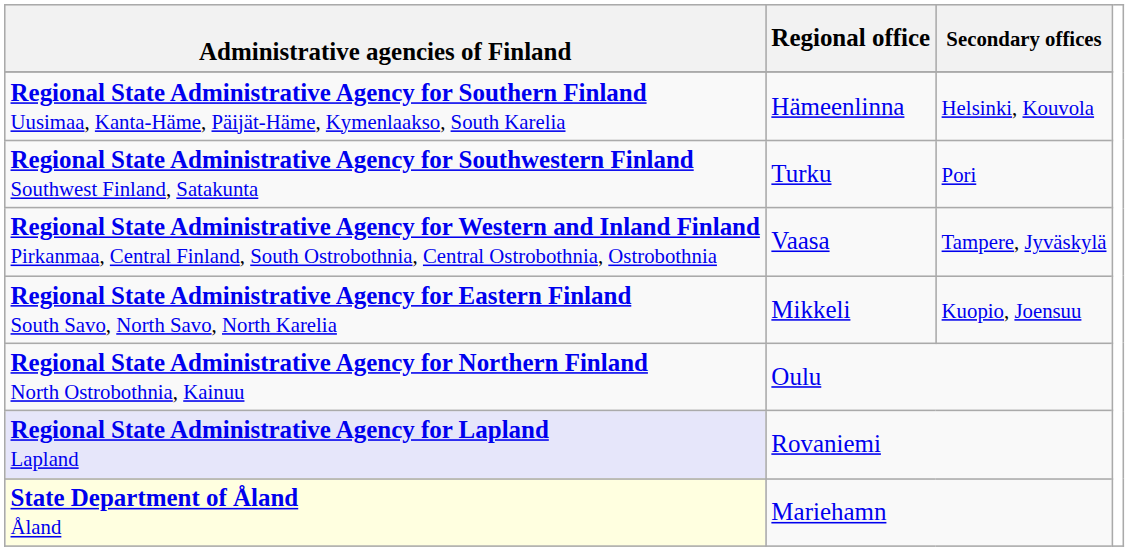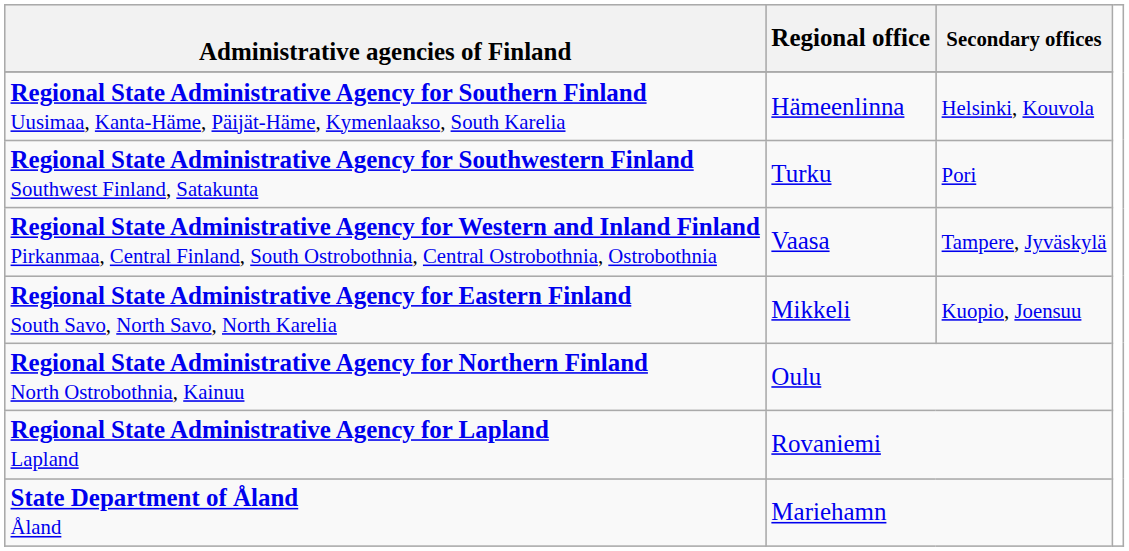 <table class="wikitable" border="1">
 <tr>
 <th><br>Administrative agencies of Finland<br></th>
 <th>Regional office</th>
 <th><small>Secondary offices</small></th>
 <th rowspan="9" style="background-color:white"></th>
 </tr>
 <tr>
 </tr>
 <tr>
 <td><strong><a href='#'>Regional State Administrative Agency for Southern Finland</a></strong><br><small><a href='#'>Uusimaa</a>, <a href='#'>Kanta-Häme</a>, <a href='#'>Päijät-Häme</a>, <a href='#'>Kymenlaakso</a>, <a href='#'>South Karelia</a></small></td>
 <td><a href='#'>Hämeenlinna</a></td>
 <td><small><a href='#'>Helsinki</a>, <a href='#'>Kouvola</a></small></td>
 </tr>
 <tr>
 <td><strong><a href='#'>Regional State Administrative Agency for Southwestern Finland</a></strong><br><small><a href='#'>Southwest Finland</a>, <a href='#'>Satakunta</a></small></td>
 <td><a href='#'>Turku</a></td>
 <td><small><a href='#'>Pori</a> </small></td>
 </tr>
 <tr>
 <td><strong><a href='#'>Regional State Administrative Agency for Western and Inland Finland</a></strong><br><small><a href='#'>Pirkanmaa</a>, <a href='#'>Central Finland</a>, <a href='#'>South Ostrobothnia</a>,  <a href='#'>Central Ostrobothnia</a>, <a href='#'>Ostrobothnia</a></small></td>
 <td><a href='#'>Vaasa</a></td>
 <td><small><a href='#'>Tampere</a>, <a href='#'>Jyväskylä</a></small></td>
 </tr>
 <tr>
 <td><strong><a href='#'>Regional State Administrative Agency for Eastern Finland</a></strong><br><small><a href='#'>South Savo</a>, <a href='#'>North Savo</a>, <a href='#'>North Karelia</a></small></td>
 <td><a href='#'>Mikkeli</a></td>
 <td><small><a href='#'>Kuopio</a>, <a href='#'>Joensuu</a></small></td>
 </tr>
 <tr>
 <td><strong><a href='#'>Regional State Administrative Agency for Northern Finland</a></strong><br><small><a href='#'>North Ostrobothnia</a>, <a href='#'>Kainuu</a></small></td>
 <td colspan=2;><a href='#'>Oulu</a></td>
 </tr>
 <tr>
-<td style="background: lavender;"><strong><a href='#'>Regional State Administrative Agency for Lapland</a></strong><br><small><a href='#'>Lapland</a></small></td>
+<td><strong><a href='#'>Regional State Administrative Agency for Lapland</a></strong><br><small><a href='#'>Lapland</a></small></td>
 <td colspan=2;><a href='#'>Rovaniemi</a></td>
 </tr>
 <tr>
-<td style="background: lightyellow;"><strong><a href='#'>State Department of Åland</a></strong><br><small><a href='#'>Åland</a></small></td>
+<td><strong><a href='#'>State Department of Åland</a></strong><br><small><a href='#'>Åland</a></small></td>
 <td colspan=2;><a href='#'>Mariehamn</a></td>
 </tr>
 </table>
